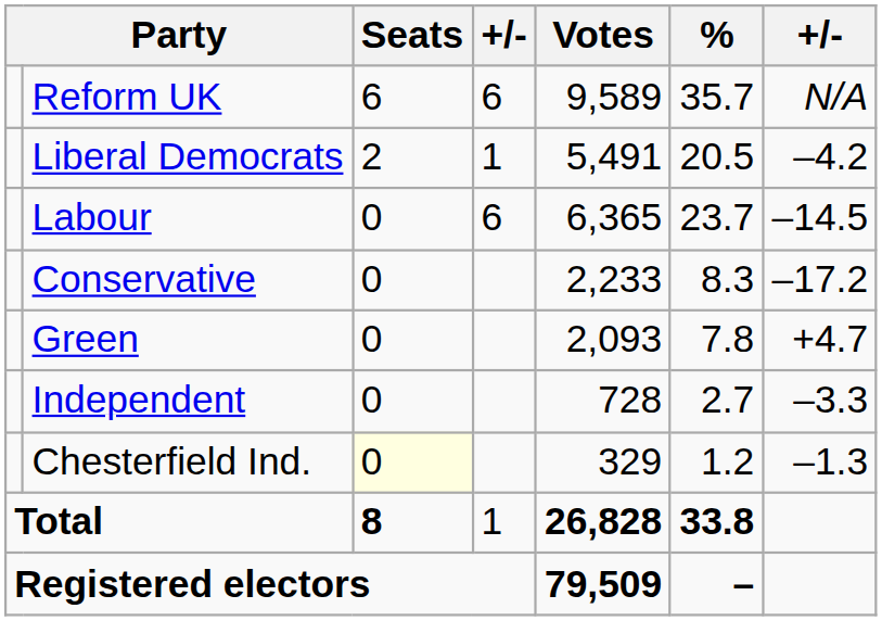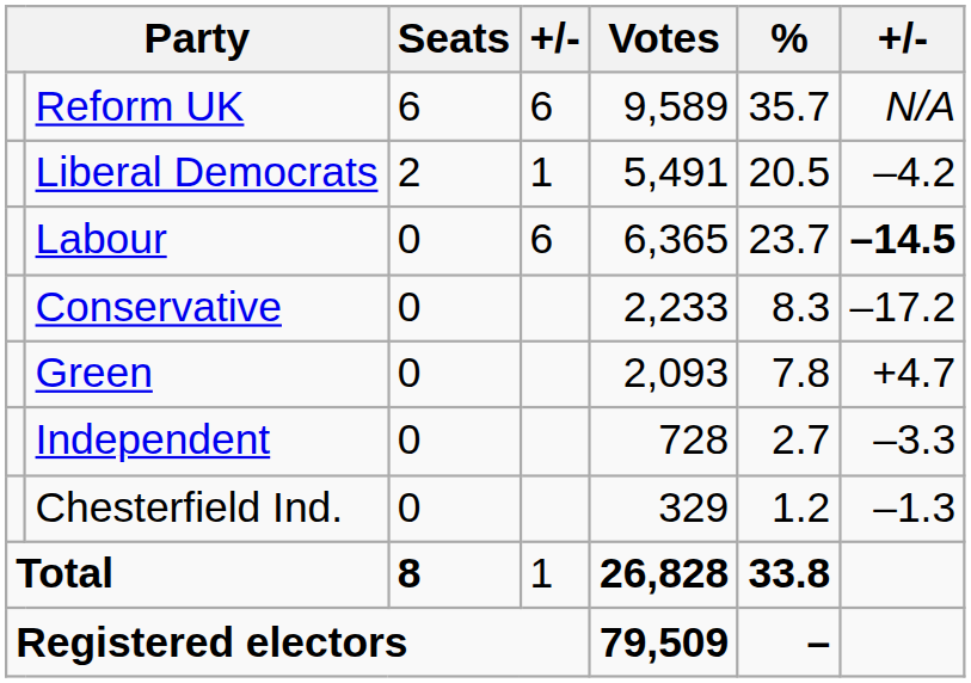 <table class="wikitable sortable">
 <tr>
 <th colspan="2">Party</th>
 <th>Seats</th>
 <th>+/-</th>
 <th>Votes</th>
 <th>%</th>
 <th>+/-</th>
 </tr>
 <tr>
 <td style="background-color: "></td>
 <td><a href='#'>Reform UK</a></td>
 <td>6</td>
 <td> 6</td>
 <td style="text-align:right;">9,589</td>
 <td style="text-align:right;">35.7</td>
 <td style="text-align:right;"><em>N/A</em></td>
 </tr>
 <tr>
 <td style="background-color: "></td>
 <td><a href='#'>Liberal Democrats</a></td>
 <td>2</td>
 <td> 1</td>
 <td style="text-align:right;">5,491</td>
 <td style="text-align:right;">20.5</td>
 <td style="text-align:right;">–4.2</td>
 </tr>
 <tr>
 <td style="background-color: "></td>
 <td><a href='#'>Labour</a></td>
 <td>0</td>
 <td> 6</td>
 <td style="text-align:right;">6,365</td>
 <td style="text-align:right;">23.7</td>
-<td style="text-align:right;">–14.5</td>
+<td style="text-align:right;"><strong>–14.5</strong></td>
 </tr>
 <tr>
 <td style="background-color: "></td>
 <td><a href='#'>Conservative</a></td>
 <td>0</td>
 <td></td>
 <td style="text-align:right;">2,233</td>
 <td style="text-align:right;">8.3</td>
 <td style="text-align:right;">–17.2</td>
 </tr>
 <tr>
 <td style="background-color: "></td>
 <td><a href='#'>Green</a></td>
 <td>0</td>
 <td></td>
 <td style="text-align:right;">2,093</td>
 <td style="text-align:right;">7.8</td>
 <td style="text-align:right;">+4.7</td>
 </tr>
 <tr>
 <td style="background-color: "></td>
 <td><a href='#'>Independent</a></td>
 <td>0</td>
 <td></td>
 <td style="text-align:right;">728</td>
 <td style="text-align:right;">2.7</td>
 <td style="text-align:right;">–3.3</td>
 </tr>
 <tr>
 <td style="background-color: "></td>
 <td>Chesterfield Ind.</td>
-<td style="background: lightyellow;">0</td>
+<td>0</td>
 <td></td>
 <td style="text-align:right;">329</td>
 <td style="text-align:right;">1.2</td>
 <td style="text-align:right;">–1.3</td>
 </tr>
 <tr>
 <td colspan="2"><strong>Total</strong></td>
 <td><strong>8</strong></td>
 <td> 1</td>
 <td style="text-align:right;"><strong>26,828</strong></td>
 <td style="text-align:right;"><strong>33.8</strong></td>
 <td style="text-align:right;"></td>
 </tr>
 <tr>
 <td colspan="4"><strong>Registered electors</strong></td>
 <td style="text-align:right;"><strong>79,509</strong></td>
 <td style="text-align:right;"><strong>–</strong></td>
 <td style="text-align:right;"></td>
 </tr>
 </table>
